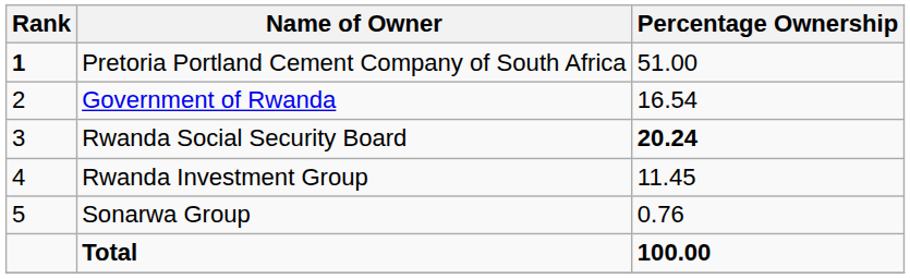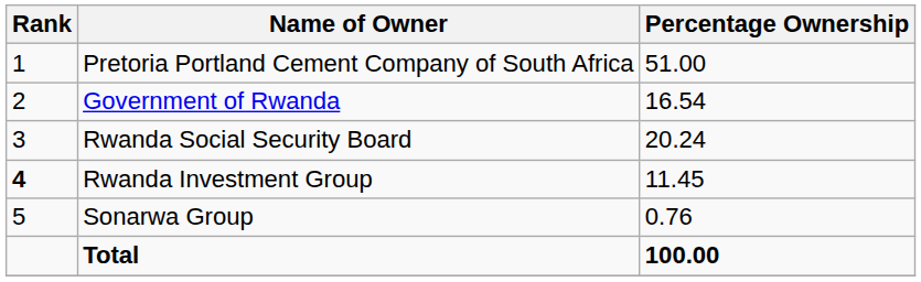 <table class="wikitable sortable" style="margin: 0.5em auto">
 <tr>
 <th>Rank</th>
 <th>Name of Owner</th>
 <th>Percentage Ownership</th>
 </tr>
 <tr>
-<td><strong>1</strong></td>
+<td>1</td>
 <td>Pretoria Portland Cement Company of South Africa</td>
 <td>51.00</td>
 </tr>
 <tr>
 <td>2</td>
 <td><a href='#'>Government of Rwanda</a></td>
 <td>16.54</td>
 </tr>
 <tr>
 <td>3</td>
 <td>Rwanda Social Security Board</td>
-<td><strong>20.24</strong></td>
+<td>20.24</td>
 </tr>
 <tr>
-<td>4</td>
+<td><strong>4</strong></td>
 <td>Rwanda Investment Group</td>
 <td>11.45</td>
 </tr>
 <tr>
 <td>5</td>
 <td>Sonarwa Group</td>
 <td>0.76</td>
 </tr>
 <tr>
 <td></td>
 <td><strong>Total</strong></td>
 <td><strong>100.00</strong></td>
 </tr>
 <tr>
 </tr>
 </table>
